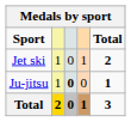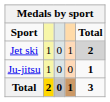 <table class=wikitable style="font-size:85%; float:right;text-align:center">
 <tr bgcolor=EFEFEF>
 <th colspan=7><strong>Medals by sport</strong></th>
 </tr>
 <tr>
 <td><strong>Sport</strong></td>
 <td bgcolor=F7F6A8></td>
 <td bgcolor=DCE5E5></td>
 <td bgcolor=FFDBA9></td>
 <td><strong>Total</strong></td>
 </tr>
 <tr>
 <td><a href='#'>Jet ski</a></td>
 <td bgcolor=F7F6A8>1</td>
 <td bgcolor=DCE5E5>0</td>
 <td bgcolor=FFDAB9>1</td>
-<td><strong>2</strong></td>
+<td style="background: lightgrey;"><strong>2</strong></td>
 </tr>
 <tr>
 <td><a href='#'>Ju-jitsu</a></td>
 <td bgcolor=F7F6A8>1</td>
-<td bgcolor=DCE5E5><strong>0</strong></td>
+<td bgcolor=DCE5E5>0</td>
 <td bgcolor=FFDAB9>0</td>
 <td><strong>1</strong></td>
 </tr>
 <tr>
 <th><strong>Total</strong></th>
 <td style="background:gold;"><strong>2</strong></td>
 <td style="background:silver;"><strong>0</strong></td>
 <td style="background:#c96;"><strong>1</strong></td>
 <td><strong>3</strong></td>
 </tr>
 </table>
